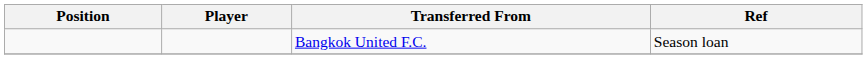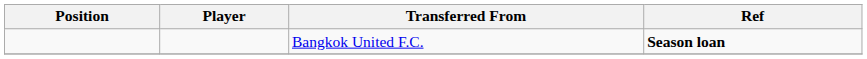 <table class="wikitable sortable" style="width:70%; text-align:center; font-size:100%; text-align:left;">
 <tr>
 <th>Position</th>
 <th>Player</th>
 <th>Transferred From</th>
 <th>Ref</th>
 </tr>
 <tr>
 <td></td>
 <td></td>
 <td> <a href='#'>Bangkok United F.C.</a></td>
-<td>Season loan </td>
+<td><strong>Season loan </strong></td>
 </tr>
 <tr>
 </tr>
 </table>
